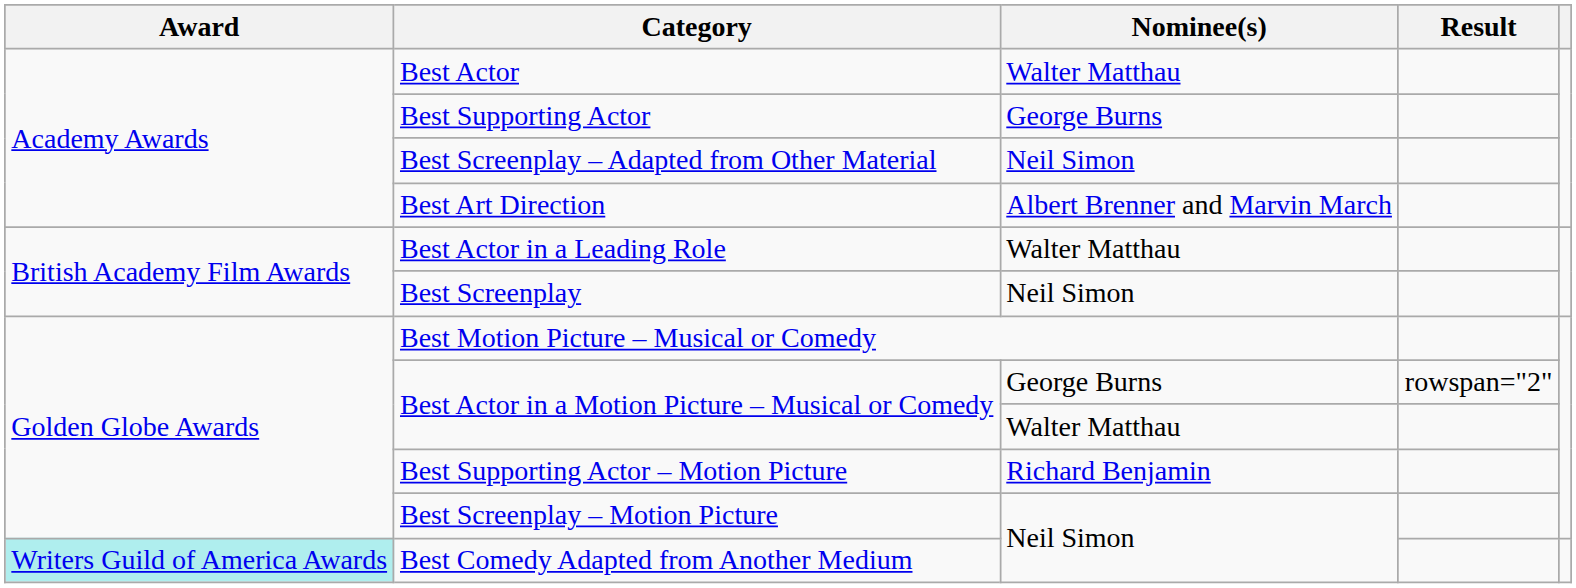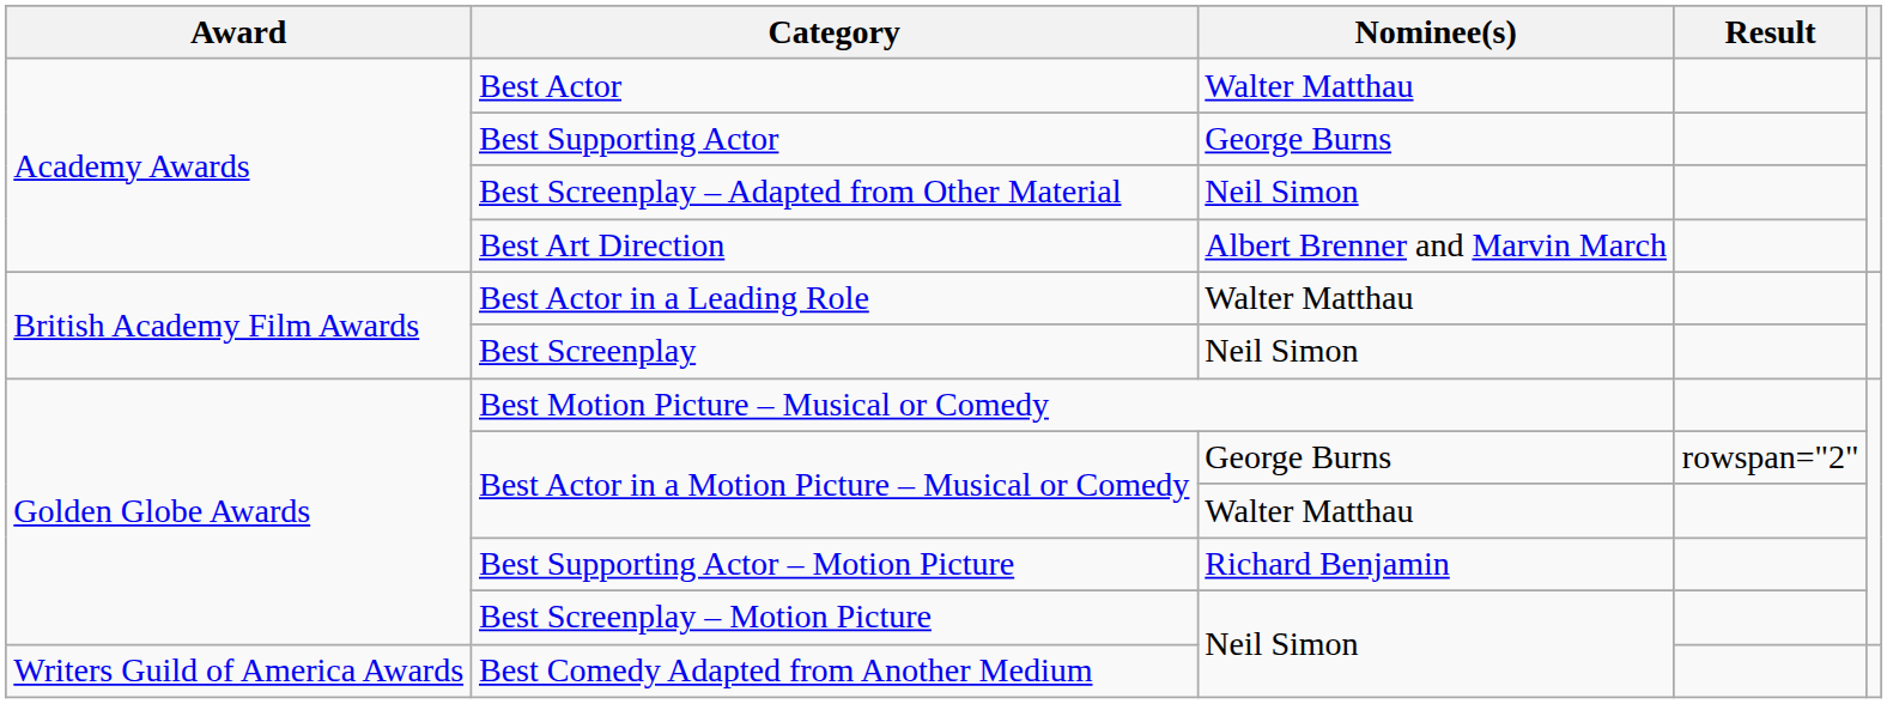 <table class="wikitable plainrowheaders">
 <tr>
 <th>Award</th>
 <th>Category</th>
 <th>Nominee(s)</th>
 <th>Result</th>
 <th></th>
 </tr>
 <tr>
 <td rowspan="4"><a href='#'>Academy Awards</a></td>
 <td><a href='#'>Best Actor</a></td>
 <td><a href='#'>Walter Matthau</a></td>
 <td></td>
 <td style="text-align:center" rowspan="4"></td>
 </tr>
 <tr>
 <td><a href='#'>Best Supporting Actor</a></td>
 <td><a href='#'>George Burns</a></td>
 <td></td>
 </tr>
 <tr>
 <td><a href='#'>Best Screenplay – Adapted from Other Material</a></td>
 <td><a href='#'>Neil Simon</a></td>
 <td></td>
 </tr>
 <tr>
 <td><a href='#'>Best Art Direction</a></td>
 <td><a href='#'>Albert Brenner</a> and <a href='#'>Marvin March</a></td>
 <td></td>
 </tr>
 <tr>
 <td rowspan="2"><a href='#'>British Academy Film Awards</a></td>
 <td><a href='#'>Best Actor in a Leading Role</a></td>
 <td>Walter Matthau </td>
 <td></td>
 <td style="text-align:center" rowspan="2"></td>
 </tr>
 <tr>
 <td><a href='#'>Best Screenplay</a></td>
 <td>Neil Simon</td>
 <td></td>
 </tr>
 <tr>
 <td rowspan="5"><a href='#'>Golden Globe Awards</a></td>
 <td colspan="2"><a href='#'>Best Motion Picture – Musical or Comedy</a></td>
 <td></td>
 <td style="text-align:center;" rowspan="5"></td>
 </tr>
 <tr>
 <td rowspan="2"><a href='#'>Best Actor in a Motion Picture – Musical or Comedy</a></td>
 <td>George Burns</td>
 <td>rowspan="2" </td>
 </tr>
 <tr>
 <td>Walter Matthau</td>
 </tr>
 <tr>
 <td><a href='#'>Best Supporting Actor – Motion Picture</a></td>
 <td><a href='#'>Richard Benjamin</a></td>
 <td></td>
 </tr>
 <tr>
 <td><a href='#'>Best Screenplay – Motion Picture</a></td>
 <td rowspan="2">Neil Simon</td>
 <td></td>
 </tr>
 <tr>
-<td style="background: paleturquoise;"><a href='#'>Writers Guild of America Awards</a></td>
+<td><a href='#'>Writers Guild of America Awards</a></td>
 <td><a href='#'>Best Comedy Adapted from Another Medium</a></td>
 <td></td>
 <td style="text-align:center;"></td>
 </tr>
 </table>
